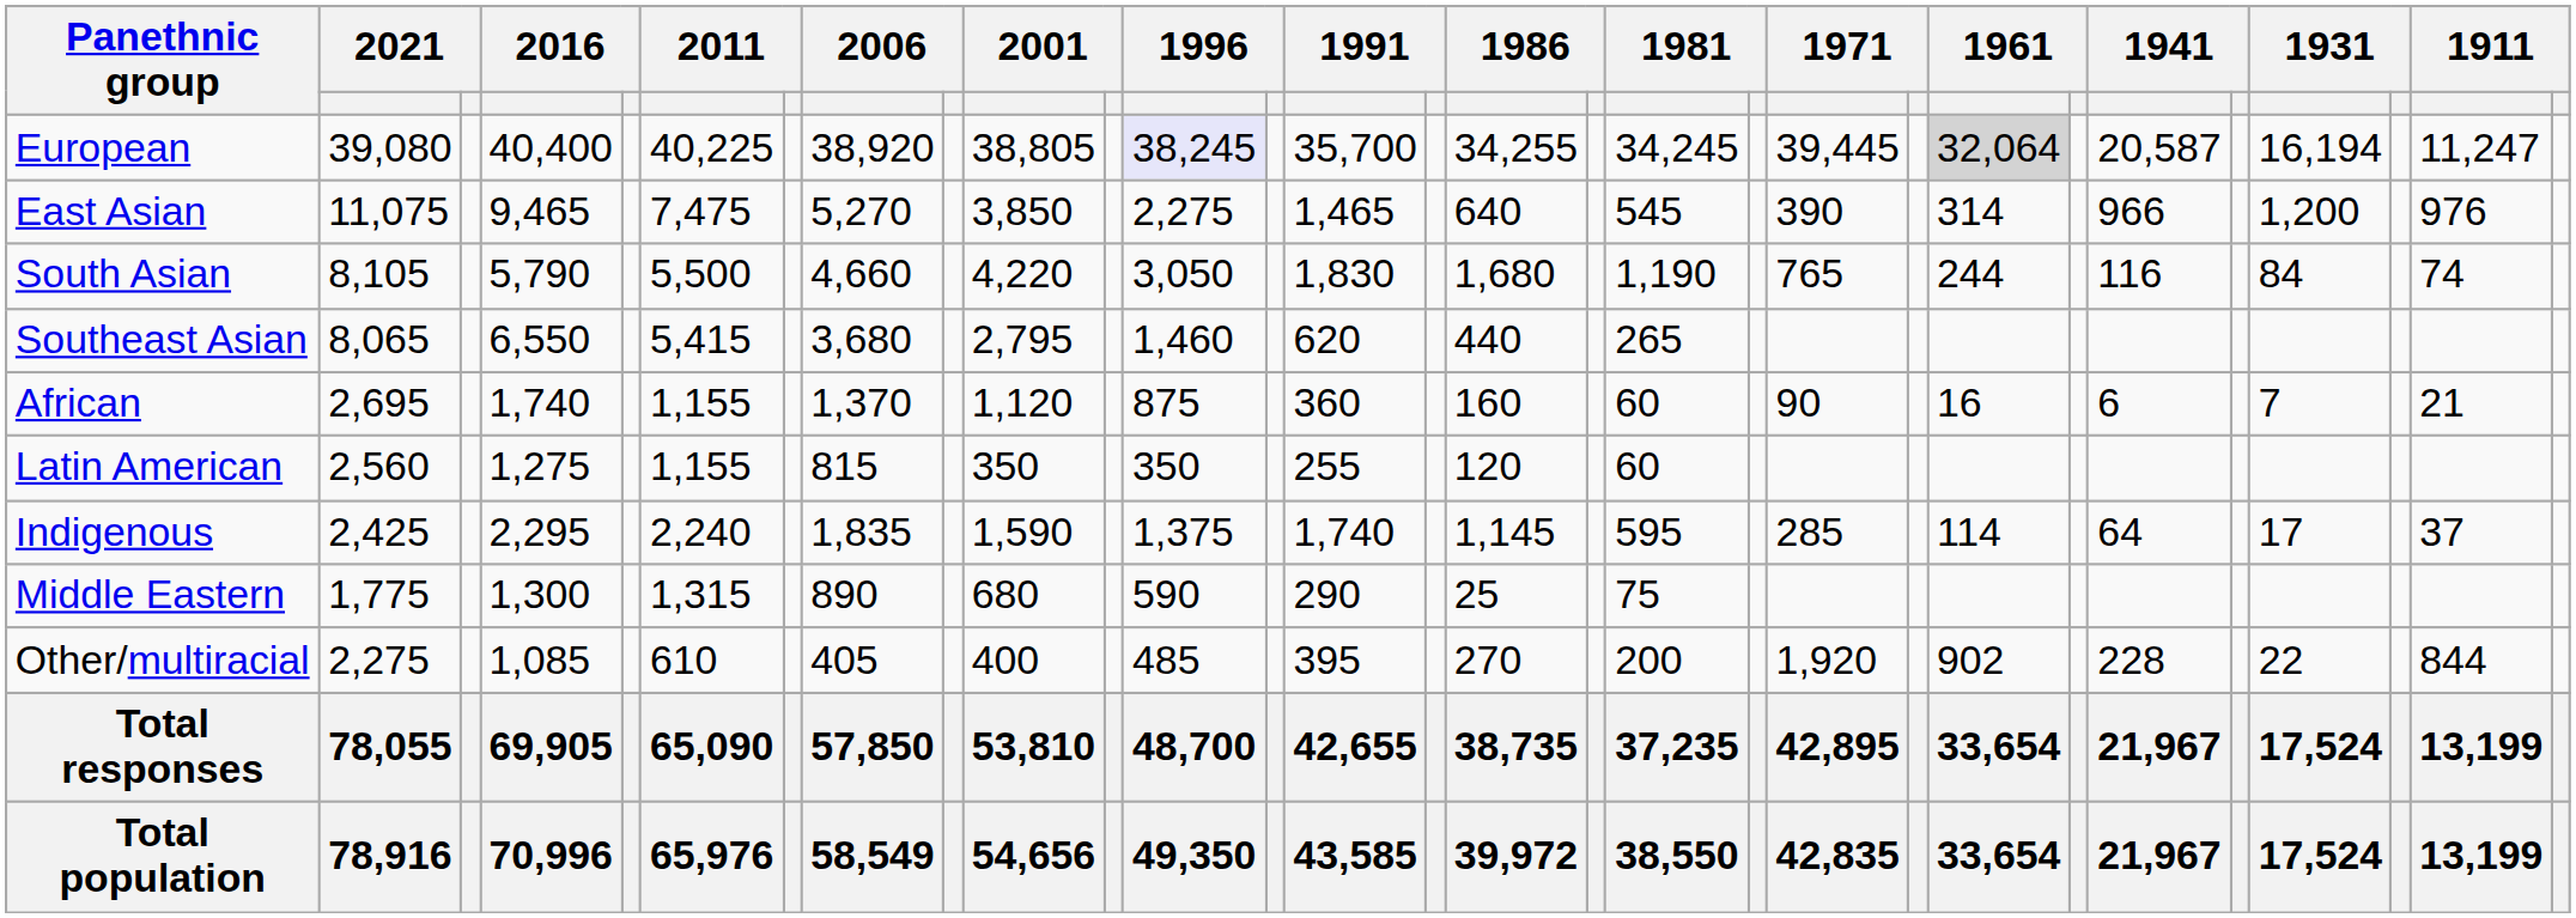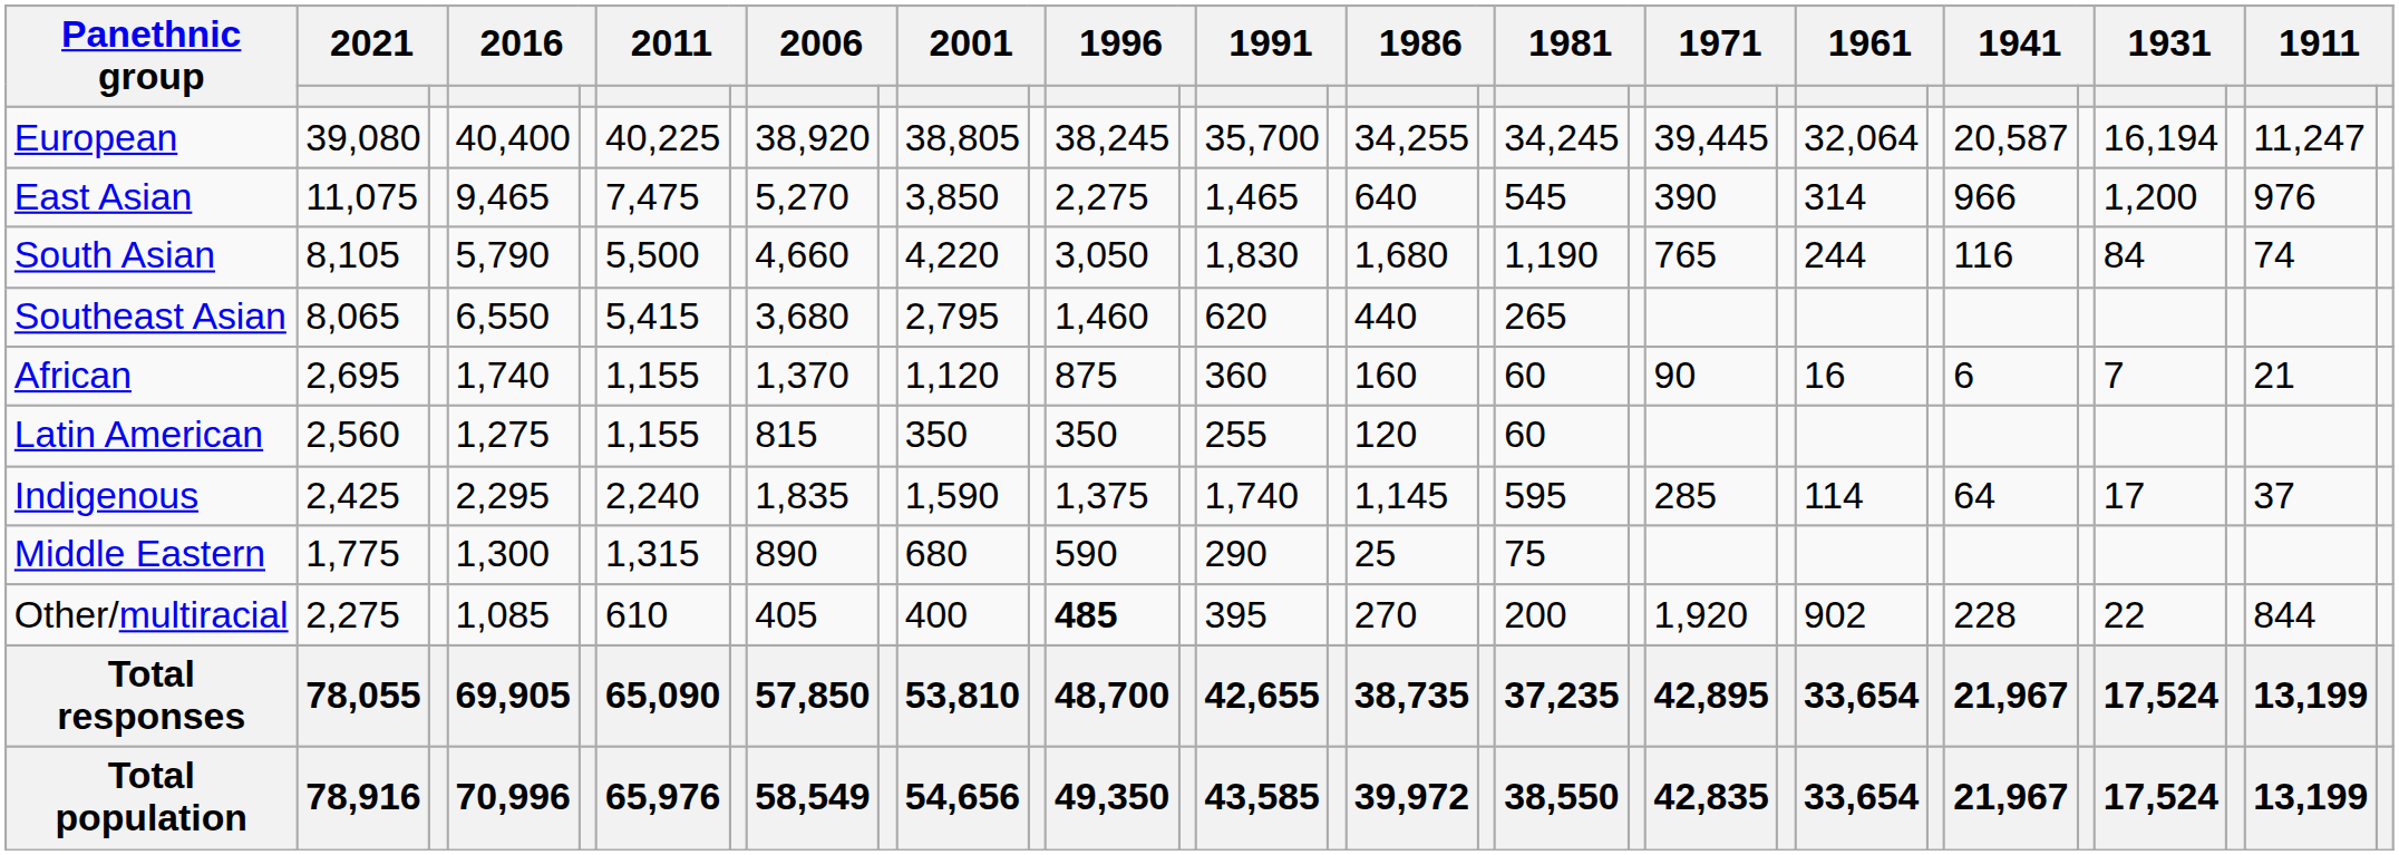 <table class="wikitable mw-datatable">
 <tr>
 <th rowspan="2"><a href='#'>Panethnic</a> group</th>
 <th colspan="2">2021</th>
 <th colspan="2">2016</th>
 <th colspan="2">2011</th>
 <th colspan="2">2006</th>
 <th colspan="2">2001</th>
 <th colspan="2">1996</th>
 <th colspan="2">1991</th>
 <th colspan="2">1986</th>
 <th colspan="2">1981</th>
 <th colspan="2">1971</th>
 <th colspan="2">1961</th>
 <th colspan="2">1941</th>
 <th colspan="2">1931</th>
 <th colspan="2">1911</th>
 </tr>
 <tr>
 <th><a href='#'></a></th>
 <th></th>
 <th></th>
 <th></th>
 <th></th>
 <th></th>
 <th></th>
 <th></th>
 <th></th>
 <th></th>
 <th></th>
 <th></th>
 <th></th>
 <th></th>
 <th></th>
 <th></th>
 <th></th>
 <th></th>
 <th></th>
 <th></th>
 <th></th>
 <th></th>
 <th></th>
 <th></th>
 <th></th>
 <th></th>
 <th></th>
 <th></th>
 </tr>
 <tr>
 <td><a href='#'>European</a></td>
 <td>39,080</td>
 <td></td>
 <td>40,400</td>
 <td></td>
 <td>40,225</td>
 <td></td>
 <td>38,920</td>
 <td></td>
 <td>38,805</td>
 <td></td>
-<td style="background: lavender;">38,245</td>
+<td>38,245</td>
 <td></td>
 <td>35,700</td>
 <td></td>
 <td>34,255</td>
 <td></td>
 <td>34,245</td>
 <td></td>
 <td>39,445</td>
 <td></td>
-<td style="background: lightgrey;">32,064</td>
+<td>32,064</td>
 <td></td>
 <td>20,587</td>
 <td></td>
 <td>16,194</td>
 <td></td>
 <td>11,247</td>
 <td></td>
 </tr>
 <tr>
 <td><a href='#'>East Asian</a></td>
 <td>11,075</td>
 <td></td>
 <td>9,465</td>
 <td></td>
 <td>7,475</td>
 <td></td>
 <td>5,270</td>
 <td></td>
 <td>3,850</td>
 <td></td>
 <td>2,275</td>
 <td></td>
 <td>1,465</td>
 <td></td>
 <td>640</td>
 <td></td>
 <td>545</td>
 <td></td>
 <td>390</td>
 <td></td>
 <td>314</td>
 <td></td>
 <td>966</td>
 <td></td>
 <td>1,200</td>
 <td></td>
 <td>976</td>
 <td></td>
 </tr>
 <tr>
 <td><a href='#'>South Asian</a></td>
 <td>8,105</td>
 <td></td>
 <td>5,790</td>
 <td></td>
 <td>5,500</td>
 <td></td>
 <td>4,660</td>
 <td></td>
 <td>4,220</td>
 <td></td>
 <td>3,050</td>
 <td></td>
 <td>1,830</td>
 <td></td>
 <td>1,680</td>
 <td></td>
 <td>1,190</td>
 <td></td>
 <td>765</td>
 <td></td>
 <td>244</td>
 <td></td>
 <td>116</td>
 <td></td>
 <td>84</td>
 <td></td>
 <td>74</td>
 <td></td>
 </tr>
 <tr>
 <td><a href='#'>Southeast Asian</a></td>
 <td>8,065</td>
 <td></td>
 <td>6,550</td>
 <td></td>
 <td>5,415</td>
 <td></td>
 <td>3,680</td>
 <td></td>
 <td>2,795</td>
 <td></td>
 <td>1,460</td>
 <td></td>
 <td>620</td>
 <td></td>
 <td>440</td>
 <td></td>
 <td>265</td>
 <td></td>
 <td></td>
 <td></td>
 <td></td>
 <td></td>
 <td></td>
 <td></td>
 <td></td>
 <td></td>
 <td></td>
 <td></td>
 </tr>
 <tr>
 <td><a href='#'>African</a></td>
 <td>2,695</td>
 <td></td>
 <td>1,740</td>
 <td></td>
 <td>1,155</td>
 <td></td>
 <td>1,370</td>
 <td></td>
 <td>1,120</td>
 <td></td>
 <td>875</td>
 <td></td>
 <td>360</td>
 <td></td>
 <td>160</td>
 <td></td>
 <td>60</td>
 <td></td>
 <td>90</td>
 <td></td>
 <td>16</td>
 <td></td>
 <td>6</td>
 <td></td>
 <td>7</td>
 <td></td>
 <td>21</td>
 <td></td>
 </tr>
 <tr>
 <td><a href='#'>Latin American</a></td>
 <td>2,560</td>
 <td></td>
 <td>1,275</td>
 <td></td>
 <td>1,155</td>
 <td></td>
 <td>815</td>
 <td></td>
 <td>350</td>
 <td></td>
 <td>350</td>
 <td></td>
 <td>255</td>
 <td></td>
 <td>120</td>
 <td></td>
 <td>60</td>
 <td></td>
 <td></td>
 <td></td>
 <td></td>
 <td></td>
 <td></td>
 <td></td>
 <td></td>
 <td></td>
 <td></td>
 <td></td>
 </tr>
 <tr>
 <td><a href='#'>Indigenous</a></td>
 <td>2,425</td>
 <td></td>
 <td>2,295</td>
 <td></td>
 <td>2,240</td>
 <td></td>
 <td>1,835</td>
 <td></td>
 <td>1,590</td>
 <td></td>
 <td>1,375</td>
 <td></td>
 <td>1,740</td>
 <td></td>
 <td>1,145</td>
 <td></td>
 <td>595</td>
 <td></td>
 <td>285</td>
 <td></td>
 <td>114</td>
 <td></td>
 <td>64</td>
 <td></td>
 <td>17</td>
 <td></td>
 <td>37</td>
 <td></td>
 </tr>
 <tr>
 <td><a href='#'>Middle Eastern</a></td>
 <td>1,775</td>
 <td></td>
 <td>1,300</td>
 <td></td>
 <td>1,315</td>
 <td></td>
 <td>890</td>
 <td></td>
 <td>680</td>
 <td></td>
 <td>590</td>
 <td></td>
 <td>290</td>
 <td></td>
 <td>25</td>
 <td></td>
 <td>75</td>
 <td></td>
 <td></td>
 <td></td>
 <td></td>
 <td></td>
 <td></td>
 <td></td>
 <td></td>
 <td></td>
 <td></td>
 <td></td>
 </tr>
 <tr>
 <td>Other/<a href='#'>multiracial</a></td>
 <td>2,275</td>
 <td></td>
 <td>1,085</td>
 <td></td>
 <td>610</td>
 <td></td>
 <td>405</td>
 <td></td>
 <td>400</td>
 <td></td>
-<td>485</td>
+<td><strong>485</strong></td>
 <td></td>
 <td>395</td>
 <td></td>
 <td>270</td>
 <td></td>
 <td>200</td>
 <td></td>
 <td>1,920</td>
 <td></td>
 <td>902</td>
 <td></td>
 <td>228</td>
 <td></td>
 <td>22</td>
 <td></td>
 <td>844</td>
 <td></td>
 </tr>
 <tr>
 <th>Total responses</th>
 <th>78,055</th>
 <th></th>
 <th>69,905</th>
 <th></th>
 <th>65,090</th>
 <th></th>
 <th>57,850</th>
 <th></th>
 <th>53,810</th>
 <th></th>
 <th>48,700</th>
 <th></th>
 <th>42,655</th>
 <th></th>
 <th>38,735</th>
 <th></th>
 <th>37,235</th>
 <th></th>
 <th>42,895</th>
 <th></th>
 <th>33,654</th>
 <th></th>
 <th>21,967</th>
 <th></th>
 <th>17,524</th>
 <th></th>
 <th>13,199</th>
 <th></th>
 </tr>
 <tr>
 <th>Total population</th>
 <th>78,916</th>
 <th></th>
 <th>70,996</th>
 <th></th>
 <th>65,976</th>
 <th></th>
 <th>58,549</th>
 <th></th>
 <th>54,656</th>
 <th></th>
 <th>49,350</th>
 <th></th>
 <th>43,585</th>
 <th></th>
 <th>39,972</th>
 <th></th>
 <th>38,550</th>
 <th></th>
 <th>42,835</th>
 <th></th>
 <th>33,654</th>
 <th></th>
 <th>21,967</th>
 <th></th>
 <th>17,524</th>
 <th></th>
 <th>13,199</th>
 <th></th>
 </tr>
 </table>
